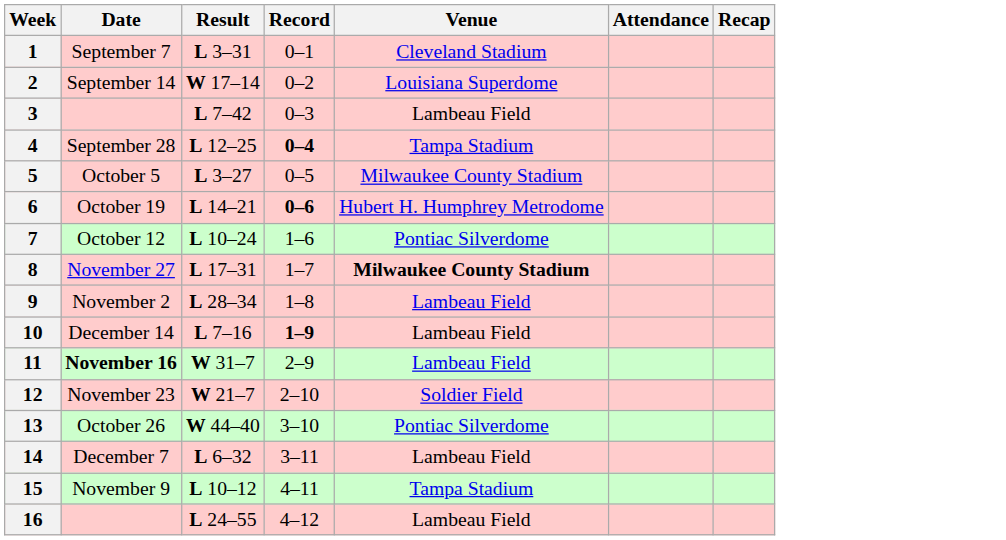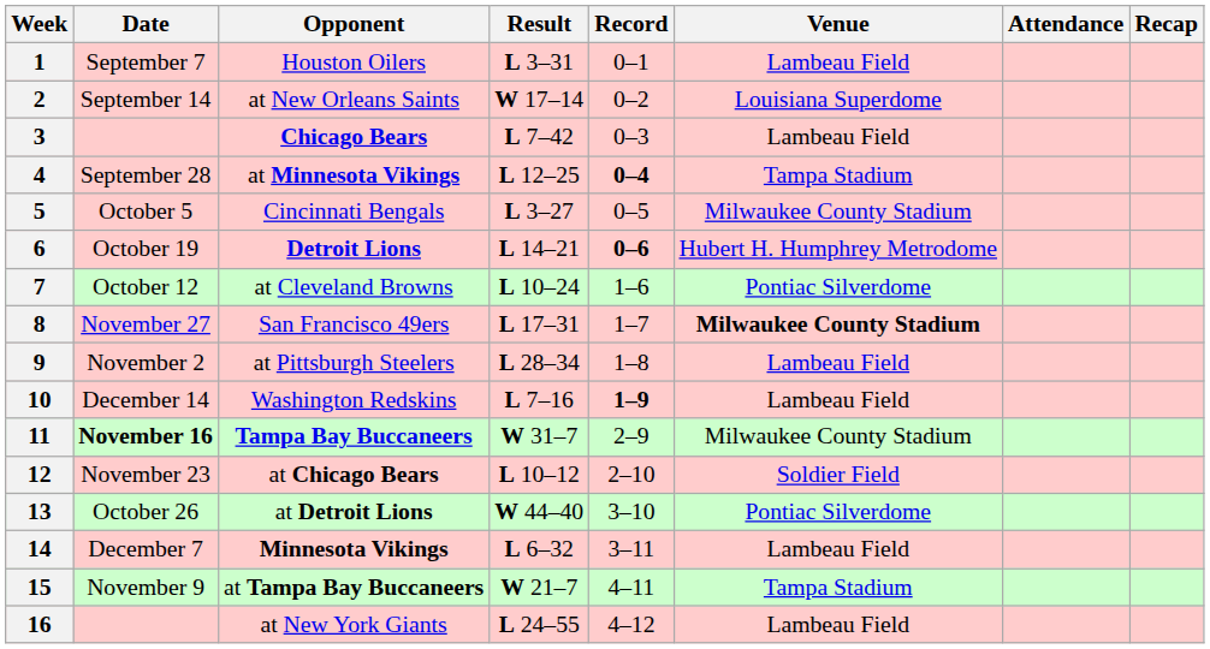 <table class="wikitable" style="text-align:center">
 <tr>
 <th>Week</th>
 <th>Date</th>
+<th>Opponent</th>
 <th>Result</th>
 <th>Record</th>
 <th>Venue</th>
 <th>Attendance</th>
 <th>Recap</th>
 </tr>
 <tr align="center" bgcolor="ffcccc">
 <th>1</th>
 <td>September 7</td>
+<td><a href='#'>Houston Oilers</a></td>
 <td><strong>L</strong> 3–31</td>
 <td>0–1</td>
-<td><a href='#'>Cleveland Stadium</a></td>
+<td><a href='#'>Lambeau Field</a></td>
 <td></td>
 <td> </td>
 </tr>
 <tr align="center" bgcolor="ffcccc">
 <th>2</th>
 <td>September 14</td>
+<td>at <a href='#'>New Orleans Saints</a></td>
 <td><strong>W</strong> 17–14</td>
 <td>0–2</td>
 <td><a href='#'>Louisiana Superdome</a></td>
 <td></td>
 <td> </td>
 </tr>
 <tr align="center" bgcolor="ffcccc">
 <th>3</th>
 <td></td>
+<td><strong><a href='#'>Chicago Bears</a></strong></td>
 <td><strong>L</strong> 7–42</td>
 <td>0–3</td>
 <td>Lambeau Field</td>
 <td></td>
 <td> </td>
 </tr>
 <tr align="center" bgcolor="ffcccc">
 <th>4</th>
 <td>September 28</td>
+<td>at <strong><a href='#'>Minnesota Vikings</a></strong></td>
 <td><strong>L</strong> 12–25</td>
 <td><strong>0–4</strong></td>
 <td><a href='#'>Tampa Stadium</a></td>
 <td></td>
 <td> </td>
 </tr>
 <tr align="center" bgcolor="ffcccc">
 <th>5</th>
 <td>October 5</td>
+<td><a href='#'>Cincinnati Bengals</a></td>
 <td><strong>L</strong> 3–27</td>
 <td>0–5</td>
 <td><a href='#'>Milwaukee County Stadium</a></td>
 <td></td>
 <td> </td>
 </tr>
 <tr align="center" bgcolor="ffcccc">
 <th>6</th>
 <td>October 19</td>
+<td><strong><a href='#'>Detroit Lions</a></strong></td>
 <td><strong>L</strong> 14–21</td>
 <td><strong>0–6</strong></td>
 <td><a href='#'>Hubert H. Humphrey Metrodome</a></td>
 <td></td>
 <td> </td>
 </tr>
 <tr align="center" bgcolor="ccffcc">
 <th>7</th>
 <td>October 12</td>
+<td>at <a href='#'>Cleveland Browns</a></td>
 <td><strong>L</strong> 10–24</td>
 <td>1–6</td>
 <td><a href='#'>Pontiac Silverdome</a></td>
 <td></td>
 <td> </td>
 </tr>
 <tr align="center" bgcolor="ffcccc">
 <th>8</th>
 <td><a href='#'>November 27</a></td>
+<td><a href='#'>San Francisco 49ers</a></td>
 <td><strong>L</strong> 17–31</td>
 <td>1–7</td>
 <td><strong>Milwaukee County Stadium</strong></td>
 <td></td>
 <td> </td>
 </tr>
 <tr align="center" bgcolor="ffcccc">
 <th>9</th>
 <td>November 2</td>
+<td>at <a href='#'>Pittsburgh Steelers</a></td>
 <td><strong>L</strong> 28–34</td>
 <td>1–8</td>
 <td><a href='#'>Lambeau Field</a></td>
 <td></td>
 <td> </td>
 </tr>
 <tr align="center" bgcolor="ffcccc">
 <th>10</th>
 <td>December 14</td>
+<td><a href='#'>Washington Redskins</a></td>
 <td><strong>L</strong> 7–16</td>
 <td><strong>1–9</strong></td>
 <td>Lambeau Field</td>
 <td></td>
 <td> </td>
 </tr>
 <tr align="center" bgcolor="ccffcc">
 <th>11</th>
 <td><strong>November 16</strong></td>
+<td><strong><a href='#'>Tampa Bay Buccaneers</a></strong></td>
 <td><strong>W</strong> 31–7</td>
 <td>2–9</td>
-<td><a href='#'>Lambeau Field</a></td>
+<td>Milwaukee County Stadium</td>
 <td></td>
 <td> </td>
 </tr>
 <tr align="center" bgcolor="ffcccc">
 <th>12</th>
 <td>November 23</td>
-<td><strong>W</strong> 21–7</td>
+<td>at <strong>Chicago Bears</strong></td>
+<td><strong>L</strong> 10–12</td>
 <td>2–10</td>
 <td><a href='#'>Soldier Field</a></td>
 <td></td>
 <td> </td>
 </tr>
 <tr align="center" bgcolor="ccffcc">
 <th>13</th>
 <td>October 26</td>
+<td>at <strong>Detroit Lions</strong></td>
 <td><strong>W</strong> 44–40</td>
 <td>3–10</td>
 <td><a href='#'>Pontiac Silverdome</a></td>
 <td></td>
 <td> </td>
 </tr>
 <tr align="center" bgcolor="ffcccc">
 <th>14</th>
 <td>December 7</td>
+<td><strong>Minnesota Vikings</strong></td>
 <td><strong>L</strong> 6–32</td>
 <td>3–11</td>
 <td>Lambeau Field</td>
 <td></td>
 <td> </td>
 </tr>
 <tr align="center" bgcolor="ccffcc">
 <th>15</th>
 <td>November 9</td>
-<td><strong>L</strong> 10–12</td>
+<td>at <strong>Tampa Bay Buccaneers</strong></td>
+<td><strong>W</strong> 21–7</td>
 <td>4–11</td>
 <td><a href='#'>Tampa Stadium</a></td>
 <td></td>
 <td> </td>
 </tr>
 <tr align="center" bgcolor="ffcccc">
 <th>16</th>
 <td></td>
+<td>at <a href='#'>New York Giants</a></td>
 <td><strong>L</strong> 24–55</td>
 <td>4–12</td>
 <td>Lambeau Field</td>
 <td></td>
 <td> </td>
 </tr>
 </table>
